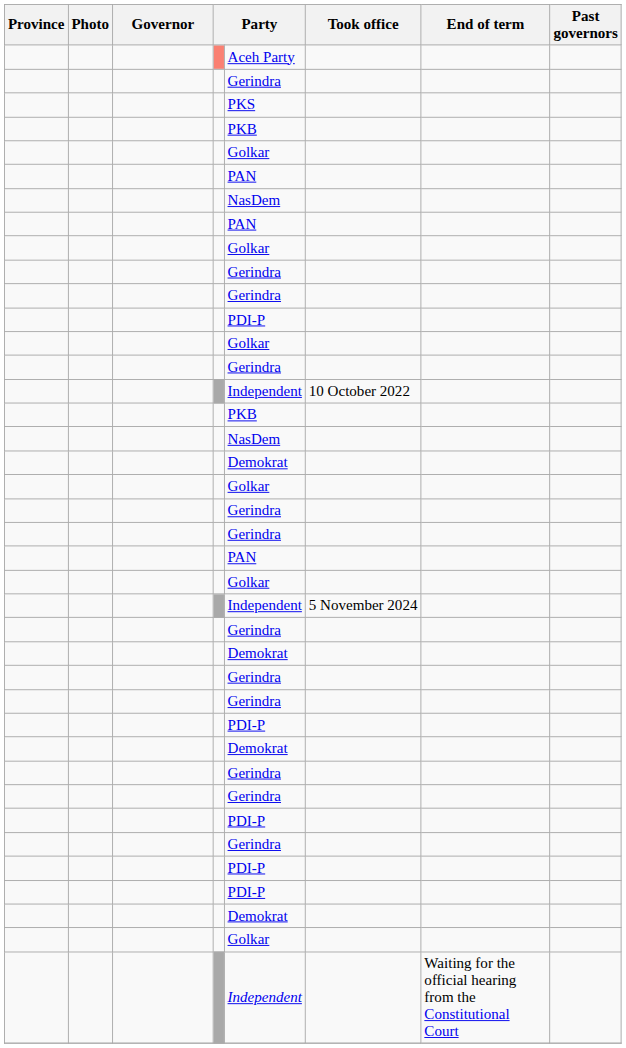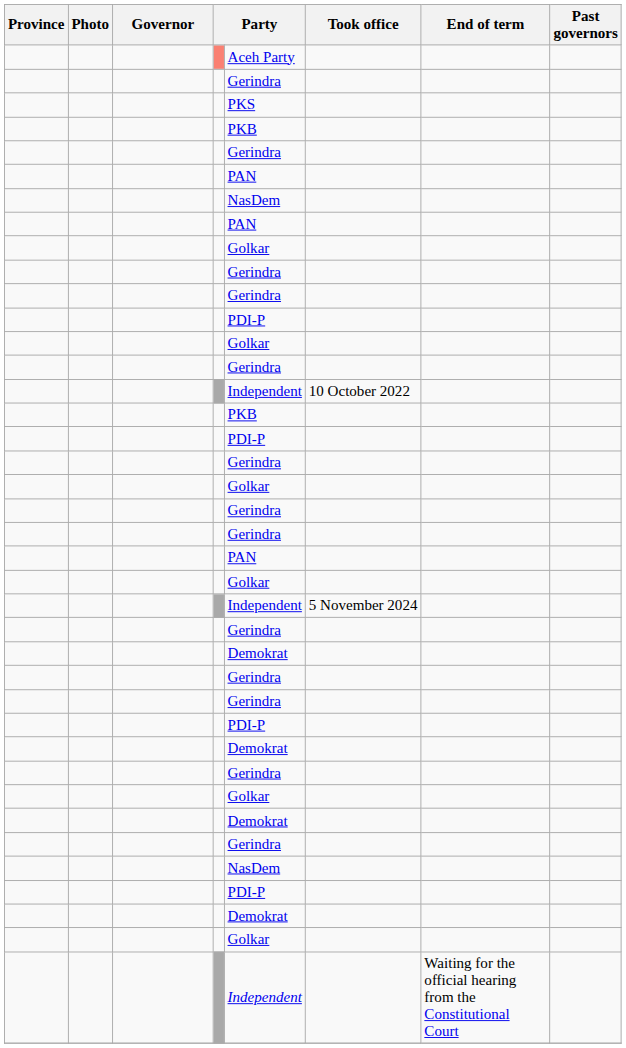 <table class="sortable wikitable">
 <tr>
 <th>Province</th>
 <th class=unsortable>Photo</th>
 <th width=100px>Governor</th>
 <th colspan=2>Party</th>
 <th>Took office</th>
 <th width=130>End of term</th>
 <th class=unsortable>Past<br>governors</th>
 </tr>
 <tr>
 <td></td>
 <td></td>
 <td></td>
 <td bgcolor="#FA8072"></td>
 <td><a href='#'>Aceh Party</a></td>
 <td></td>
 <td></td>
 <td><br></td>
 </tr>
 <tr>
 <td></td>
 <td></td>
 <td></td>
 <td style="background:"> </td>
 <td><a href='#'>Gerindra</a></td>
 <td></td>
 <td></td>
 <td></td>
 </tr>
 <tr>
 <td></td>
 <td></td>
 <td></td>
 <td style="background:"> </td>
 <td><a href='#'>PKS</a></td>
 <td></td>
 <td></td>
 <td></td>
 </tr>
 <tr>
 <td></td>
 <td></td>
 <td></td>
 <td style="background:"> </td>
 <td><a href='#'>PKB</a></td>
 <td></td>
 <td></td>
 <td><br></td>
 </tr>
 <tr>
 <td></td>
 <td></td>
 <td></td>
 <td style="background:"> </td>
-<td><a href='#'>Golkar</a></td>
+<td><a href='#'>Gerindra</a></td>
 <td></td>
 <td></td>
 <td></td>
 </tr>
 <tr>
 <td></td>
 <td></td>
 <td></td>
 <td style="background: "></td>
 <td><a href='#'>PAN</a></td>
 <td></td>
 <td></td>
 <td></td>
 </tr>
 <tr>
 <td></td>
 <td></td>
 <td></td>
 <td style="background: "></td>
 <td><a href='#'>NasDem</a></td>
 <td></td>
 <td></td>
 <td></td>
 </tr>
 <tr>
 <td></td>
 <td></td>
 <td></td>
 <td style="background: "></td>
 <td><a href='#'>PAN</a></td>
 <td></td>
 <td></td>
 <td></td>
 </tr>
 <tr>
 <td></td>
 <td></td>
 <td></td>
 <td style="background:"> </td>
 <td><a href='#'>Golkar</a></td>
 <td></td>
 <td></td>
 <td></td>
 </tr>
 <tr>
 <td></td>
 <td></td>
 <td></td>
 <td style="background:"> </td>
 <td><a href='#'>Gerindra</a></td>
 <td></td>
 <td></td>
 <td></td>
 </tr>
 <tr>
 <td></td>
 <td></td>
 <td></td>
 <td style="background:"> </td>
 <td><a href='#'>Gerindra</a></td>
 <td></td>
 <td></td>
 <td><br></td>
 </tr>
 <tr>
 <td></td>
 <td></td>
 <td></td>
 <td style="background:"> </td>
 <td><a href='#'>PDI-P</a></td>
 <td></td>
 <td></td>
 <td></td>
 </tr>
 <tr>
 <td></td>
 <td></td>
 <td></td>
 <td style="background:"> </td>
 <td><a href='#'>Golkar</a></td>
 <td></td>
 <td></td>
 <td></td>
 </tr>
 <tr>
 <td></td>
 <td></td>
 <td></td>
 <td style="background:"> </td>
 <td><a href='#'>Gerindra</a></td>
 <td></td>
 <td></td>
 <td></td>
 </tr>
 <tr>
 <td></td>
 <td></td>
 <td></td>
 <td bgcolor="#A9A9A9"></td>
 <td><a href='#'>Independent</a></td>
 <td {{center>10 October 2022</td>
 <td></td>
 <td></td>
 </tr>
 <tr>
 <td></td>
 <td></td>
 <td></td>
 <td style="background:"> </td>
 <td><a href='#'>PKB</a></td>
 <td></td>
 <td></td>
 <td></td>
 </tr>
 <tr>
 <td></td>
 <td></td>
 <td></td>
 <td style="background:"> </td>
-<td><a href='#'>NasDem</a></td>
+<td><a href='#'>PDI-P</a></td>
 <td></td>
 <td></td>
 <td></td>
 </tr>
 <tr>
 <td></td>
 <td></td>
 <td></td>
 <td style="background:"> </td>
-<td><a href='#'>Demokrat</a></td>
+<td><a href='#'>Gerindra</a></td>
 <td></td>
 <td></td>
 <td></td>
 </tr>
 <tr>
 <td></td>
 <td></td>
 <td></td>
 <td></td>
 <td><a href='#'>Golkar</a></td>
 <td></td>
 <td></td>
 <td></td>
 </tr>
 <tr>
 <td></td>
 <td></td>
 <td></td>
 <td style="background:"> </td>
 <td><a href='#'>Gerindra</a></td>
 <td></td>
 <td></td>
 <td></td>
 </tr>
 <tr>
 <td></td>
 <td></td>
 <td></td>
 <td style="background:"> </td>
 <td><a href='#'>Gerindra</a></td>
 <td></td>
 <td></td>
 <td><br></td>
 </tr>
 <tr>
 <td></td>
 <td></td>
 <td></td>
 <td style="background: "></td>
 <td><a href='#'>PAN</a></td>
 <td></td>
 <td></td>
 <td></td>
 </tr>
 <tr>
 <td></td>
 <td></td>
 <td></td>
 <td></td>
 <td><a href='#'>Golkar</a></td>
 <td></td>
 <td></td>
 <td></td>
 </tr>
 <tr>
 <td></td>
 <td></td>
 <td></td>
 <td bgcolor="#A9A9A9"></td>
 <td><a href='#'>Independent</a></td>
 <td {{center>5 November 2024</td>
 <td></td>
 <td><br></td>
 </tr>
 <tr>
 <td></td>
 <td></td>
 <td></td>
 <td style="background:"> </td>
 <td><a href='#'>Gerindra</a></td>
 <td></td>
 <td></td>
 <td><br></td>
 </tr>
 <tr>
 <td></td>
 <td></td>
 <td></td>
 <td style="background:"> </td>
 <td><a href='#'>Demokrat</a></td>
 <td></td>
 <td></td>
 <td></td>
 </tr>
 <tr>
 <td></td>
 <td></td>
 <td></td>
 <td style="background:"> </td>
 <td><a href='#'>Gerindra</a></td>
 <td></td>
 <td></td>
 <td><br></td>
 </tr>
 <tr>
 <td></td>
 <td></td>
 <td></td>
 <td style="background:"> </td>
 <td><a href='#'>Gerindra</a></td>
 <td></td>
 <td></td>
 <td></td>
 </tr>
 <tr>
 <td></td>
 <td></td>
 <td></td>
 <td style="background:"> </td>
 <td><a href='#'>PDI-P</a></td>
 <td></td>
 <td></td>
 <td></td>
 </tr>
 <tr>
 <td></td>
 <td></td>
 <td></td>
 <td style="background:"> </td>
 <td><a href='#'>Demokrat</a></td>
 <td></td>
 <td></td>
 <td><br></td>
 </tr>
 <tr>
 <td></td>
 <td></td>
 <td></td>
 <td style="background:"> </td>
 <td><a href='#'>Gerindra</a></td>
 <td></td>
 <td></td>
 <td><br></td>
 </tr>
 <tr>
 <td></td>
 <td></td>
 <td></td>
 <td style="background:"> </td>
-<td><a href='#'>Gerindra</a></td>
+<td><a href='#'>Golkar</a></td>
 <td></td>
 <td></td>
 <td></td>
 </tr>
 <tr>
 <td></td>
 <td></td>
 <td></td>
 <td style="background:"> </td>
-<td><a href='#'>PDI-P</a></td>
+<td><a href='#'>Demokrat</a></td>
 <td></td>
 <td></td>
 <td><br></td>
 </tr>
 <tr>
 <td></td>
 <td></td>
 <td></td>
 <td style="background:"> </td>
 <td><a href='#'>Gerindra</a></td>
 <td></td>
 <td></td>
 <td></td>
 </tr>
 <tr>
 <td></td>
 <td></td>
 <td></td>
 <td style="background: "></td>
-<td><a href='#'>PDI-P</a></td>
+<td><a href='#'>NasDem</a></td>
 <td></td>
 <td></td>
 <td></td>
 </tr>
 <tr>
 <td></td>
 <td></td>
 <td></td>
 <td style="background:"> </td>
 <td><a href='#'>PDI-P</a></td>
 <td></td>
 <td></td>
 <td></td>
 </tr>
 <tr>
 <td></td>
 <td></td>
 <td></td>
 <td style="background:"> </td>
 <td><a href='#'>Demokrat</a></td>
 <td></td>
 <td></td>
 <td></td>
 </tr>
 <tr>
 <td></td>
 <td></td>
 <td></td>
 <td></td>
 <td><a href='#'>Golkar</a></td>
 <td></td>
 <td></td>
 <td></td>
 </tr>
 <tr>
 <td></td>
 <td></td>
 <td></td>
 <td bgcolor="#A9A9A9"></td>
 <td><em><a href='#'>Independent</a></em></td>
 <td></td>
 <td>Waiting for the official hearing from the <a href='#'>Constitutional Court</a></td>
 <td></td>
 </tr>
 <tr>
 </tr>
 </table>
